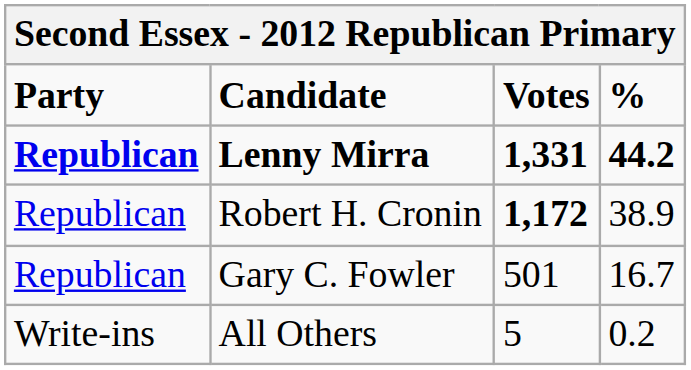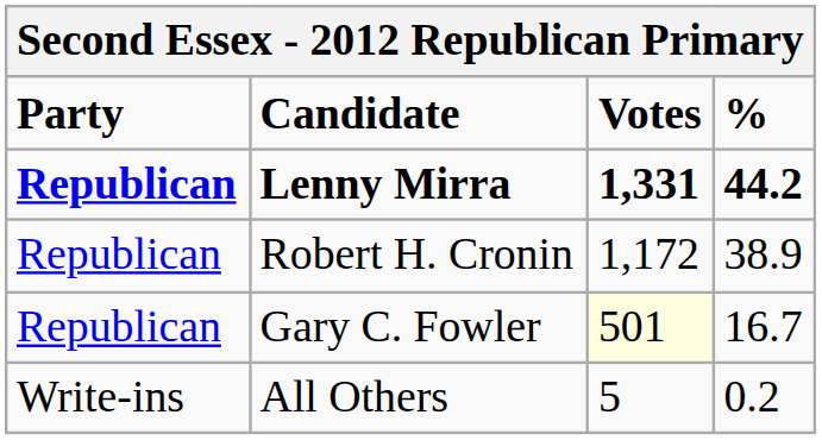 <table class="wikitable">
 <tr>
 <th colspan="4">Second Essex - 2012 Republican Primary</th>
 </tr>
 <tr>
 <td><strong>Party</strong></td>
 <td><strong>Candidate</strong></td>
 <td><strong>Votes</strong></td>
 <td><strong>%</strong></td>
 </tr>
 <tr>
 <td><strong><a href='#'>Republican</a></strong></td>
 <td><strong>Lenny Mirra</strong></td>
 <td><strong>1,331</strong></td>
 <td><strong>44.2</strong></td>
 </tr>
 <tr>
 <td><a href='#'>Republican</a></td>
 <td>Robert H. Cronin</td>
-<td><strong>1,172</strong></td>
+<td>1,172</td>
 <td>38.9</td>
 </tr>
 <tr>
 <td><a href='#'>Republican</a></td>
 <td>Gary C. Fowler</td>
-<td>501</td>
+<td style="background: lightyellow;">501</td>
 <td>16.7</td>
 </tr>
 <tr>
 <td>Write-ins</td>
 <td>All Others</td>
 <td>5</td>
 <td>0.2</td>
 </tr>
 </table>
